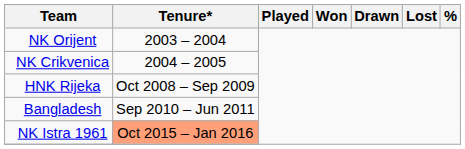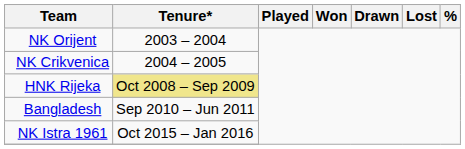 <table class="wikitable sortable" style="text-align: center; font-size:90%;">
 <tr>
 <th class="unsortable">Team</th>
 <th class="unsortable">Tenure*</th>
 <th>Played</th>
 <th>Won</th>
 <th>Drawn</th>
 <th>Lost</th>
 <th>%</th>
 </tr>
 <tr>
 <td>  <a href='#'>NK Orijent</a></td>
 <td>2003 – 2004<br></td>
 </tr>
 <tr>
 <td>  <a href='#'>NK Crikvenica</a></td>
 <td>2004 – 2005<br></td>
 </tr>
 <tr>
 <td>  <a href='#'>HNK Rijeka</a></td>
-<td>Oct 2008 – Sep 2009<br></td>
+<td style="background: khaki;">Oct 2008 – Sep 2009<br></td>
 </tr>
 <tr>
 <td>  <a href='#'>Bangladesh</a></td>
 <td>Sep 2010 – Jun 2011<br></td>
 </tr>
 <tr>
 <td>  <a href='#'>NK Istra 1961</a></td>
-<td style="background: lightsalmon;">Oct 2015 – Jan 2016<br></td>
+<td>Oct 2015 – Jan 2016<br></td>
 </tr>
 <tr>
 </tr>
 </table>
